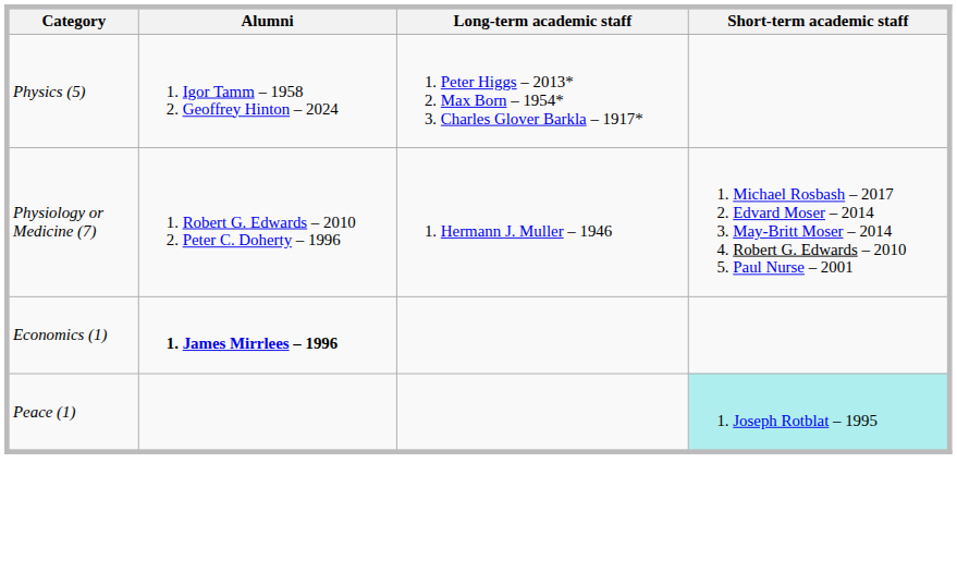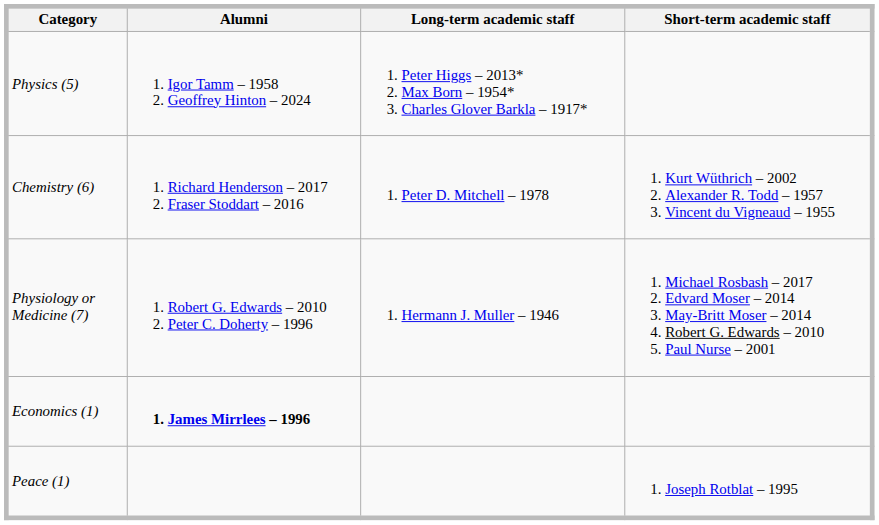 <table class="wikitable"  style="width:74%; float:center; border:5px solid #bbb; margin:.96em 0 0 .9em;">
 <tr>
 <th style="width:120px;">Category</th>
 <th>Alumni</th>
 <th>Long-term academic staff</th>
 <th>Short-term academic staff</th>
 </tr>
 <tr>
 <td><em>Physics (5)</em></td>
 <td><br><ol><li><a href='#'>Igor Tamm</a> – 1958</li><li><a href='#'>Geoffrey Hinton</a> – 2024</li></ol></td>
 <td><br><ol><li><a href='#'>Peter Higgs</a> – 2013*</li><li><a href='#'>Max Born</a> – 1954*</li><li><a href='#'>Charles Glover Barkla</a> – 1917*</li></ol></td>
 <td></td>
+</tr>
+<tr>
+<td><em>Chemistry (6)</em></td>
+<td><br><ol><li><a href='#'>Richard Henderson</a> – 2017</li><li><a href='#'>Fraser Stoddart</a> – 2016</li></ol></td>
+<td><br><ol><li><a href='#'>Peter D. Mitchell</a> – 1978</li></ol></td>
+<td><br><ol><li><a href='#'>Kurt Wüthrich</a> – 2002</li><li><a href='#'>Alexander R. Todd</a> – 1957</li><li><a href='#'>Vincent du Vigneaud</a> – 1955</li></ol></td>
 </tr>
 <tr>
 <td><em>Physiology or Medicine (7)</em></td>
 <td><br><ol><li><a href='#'>Robert G. Edwards</a> – 2010</li><li><a href='#'>Peter C. Doherty</a> – 1996</li></ol></td>
 <td><br><ol><li><a href='#'>Hermann J. Muller</a> – 1946</li></ol></td>
 <td><br><ol><li><a href='#'>Michael Rosbash</a> – 2017</li><li><a href='#'>Edvard Moser</a> – 2014</li><li><a href='#'>May-Britt Moser</a> – 2014</li><li><u>Robert G. Edwards</u> – 2010</li><li><a href='#'>Paul Nurse</a> – 2001</li></ol></td>
 </tr>
 <tr>
 <td><em>Economics (1)</em></td>
 <td><strong><br><ol><li><a href='#'>James Mirrlees</a> – 1996</li></ol></strong></td>
 <td></td>
 <td></td>
 </tr>
 <tr>
 <td><em>Peace (1)</em></td>
 <td></td>
 <td></td>
-<td style="background: paleturquoise;"><br><ol><li><a href='#'>Joseph Rotblat</a> – 1995</li></ol></td>
+<td><br><ol><li><a href='#'>Joseph Rotblat</a> – 1995</li></ol></td>
 </tr>
 </table>
